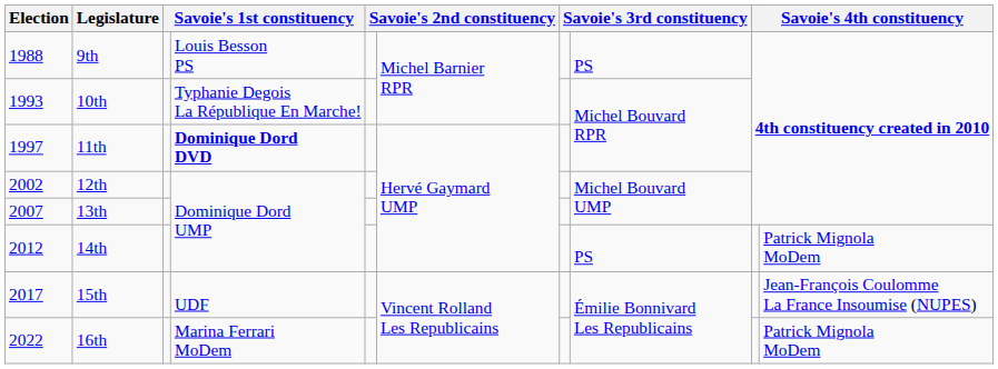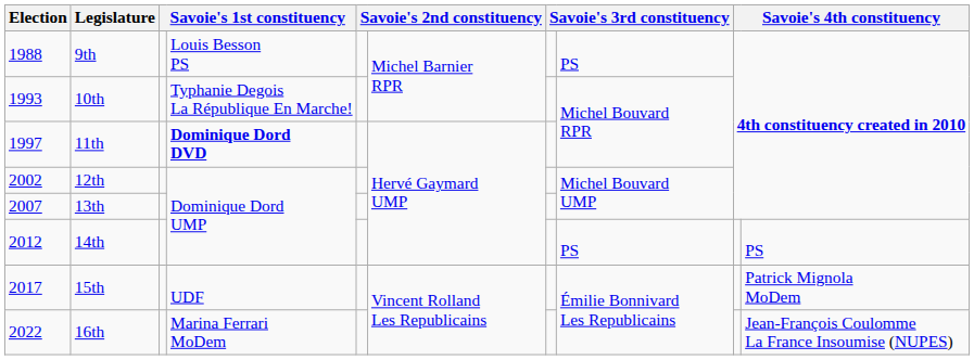 <table class="wikitable">
 <tr>
 <th>Election</th>
 <th>Legislature</th>
 <th colspan="2"><a href='#'>Savoie's 1st constituency</a></th>
 <th colspan="2"><a href='#'>Savoie's 2nd constituency</a></th>
 <th colspan="2"><a href='#'>Savoie's 3rd constituency</a></th>
 <th colspan="2"><a href='#'>Savoie's 4th constituency</a></th>
 </tr>
 <tr>
 <td><a href='#'>1988</a></td>
 <td><a href='#'>9th</a></td>
 <td style="background-color: "></td>
 <td><a href='#'>Louis Besson</a><br><a href='#'>PS</a></td>
 <td style="background-color: "></td>
 <td rowspan="2"><a href='#'>Michel Barnier</a><br><a href='#'>RPR</a></td>
 <td style="background-color: "></td>
 <td><br><a href='#'>PS</a></td>
 <td colspan="2" rowspan="5"><a href='#'><strong>4th constituency created in 2010</strong></a></td>
 </tr>
 <tr>
 <td><a href='#'>1993</a></td>
 <td><a href='#'>10th</a></td>
 <td style="background-color: "></td>
 <td><a href='#'>Typhanie Degois</a><br><a href='#'>La République En Marche!</a></td>
 <td style="background-color: "></td>
 <td style="background-color: "></td>
 <td rowspan="2"><a href='#'>Michel Bouvard</a><br><a href='#'>RPR</a></td>
 </tr>
 <tr>
 <td><a href='#'>1997</a></td>
 <td><a href='#'>11th</a></td>
 <td style="background-color: "></td>
 <td><strong><a href='#'>Dominique Dord</a><br><a href='#'>DVD</a></strong></td>
 <td style="background-color: "></td>
 <td rowspan="4"><a href='#'>Hervé Gaymard</a><br><a href='#'>UMP</a></td>
 <td style="background-color: "></td>
 </tr>
 <tr>
 <td><a href='#'>2002</a></td>
 <td><a href='#'>12th</a></td>
 <td style="background-color: "></td>
 <td rowspan="3"><a href='#'>Dominique Dord</a><br><a href='#'>UMP</a></td>
 <td style="background-color: "></td>
 <td style="background-color: "></td>
 <td rowspan="2"><a href='#'>Michel Bouvard</a><br><a href='#'>UMP</a></td>
 </tr>
 <tr>
 <td><a href='#'>2007</a></td>
 <td><a href='#'>13th</a></td>
 <td style="background-color: "></td>
 <td style="background-color: "></td>
 <td style="background-color: "></td>
 </tr>
 <tr>
 <td><a href='#'>2012</a></td>
 <td><a href='#'>14th</a></td>
 <td style="background-color: "></td>
 <td style="background-color: "></td>
 <td style="background-color: "></td>
 <td><br><a href='#'>PS</a></td>
 <td style="background-color: "></td>
-<td><a href='#'>Patrick Mignola</a><br><a href='#'>MoDem</a></td>
+<td><br><a href='#'>PS</a></td>
 </tr>
 <tr>
 <td><a href='#'>2017</a></td>
 <td><a href='#'>15th</a></td>
 <td style="background-color: "></td>
 <td><br><a href='#'>UDF</a></td>
 <td style="background-color: "></td>
 <td rowspan="2"><a href='#'>Vincent Rolland</a><br><a href='#'>Les Republicains</a></td>
 <td style="background-color: "></td>
 <td rowspan="2"><a href='#'>Émilie Bonnivard</a><br><a href='#'>Les Republicains</a></td>
 <td style="background-color: "></td>
-<td><a href='#'>Jean-François Coulomme</a><br><a href='#'>La France Insoumise</a> (<a href='#'>NUPES</a>)</td>
+<td><a href='#'>Patrick Mignola</a><br><a href='#'>MoDem</a></td>
 </tr>
 <tr>
 <td><a href='#'>2022</a></td>
 <td><a href='#'>16th</a></td>
 <td style="background-color: "></td>
 <td><a href='#'>Marina Ferrari</a><br><a href='#'>MoDem</a></td>
 <td style="background-color: "></td>
 <td style="background-color: "></td>
 <td style="background-color: "></td>
-<td><a href='#'>Patrick Mignola</a><br><a href='#'>MoDem</a></td>
+<td><a href='#'>Jean-François Coulomme</a><br><a href='#'>La France Insoumise</a> (<a href='#'>NUPES</a>)</td>
 </tr>
 </table>
